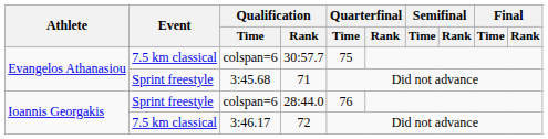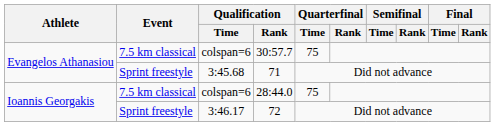 <table class="wikitable" style="font-size:90%">
 <tr>
 <th rowspan="2">Athlete</th>
 <th rowspan="2">Event</th>
 <th colspan="2">Qualification</th>
 <th colspan="2">Quarterfinal</th>
 <th colspan="2">Semifinal</th>
 <th colspan="2">Final</th>
 </tr>
 <tr style="font-size:95%">
 <th>Time</th>
 <th>Rank</th>
 <th>Time</th>
 <th>Rank</th>
 <th>Time</th>
 <th>Rank</th>
 <th>Time</th>
 <th>Rank</th>
 </tr>
 <tr align=center>
 <td align=left rowspan=2><a href='#'>Evangelos Athanasiou</a></td>
 <td align=left><a href='#'>7.5 km classical</a></td>
 <td>colspan=6</td>
 <td>30:57.7</td>
 <td>75</td>
 </tr>
 <tr align=center>
 <td align=left><a href='#'>Sprint freestyle</a></td>
 <td>3:45.68</td>
 <td>71</td>
 <td colspan=6>Did not advance</td>
 </tr>
 <tr align=center>
 <td align=left rowspan=2><a href='#'>Ioannis Georgakis</a></td>
-<td align=left><a href='#'>Sprint freestyle</a></td>
+<td align=left><a href='#'>7.5 km classical</a></td>
 <td>colspan=6</td>
 <td>28:44.0</td>
-<td>76</td>
+<td>75</td>
 </tr>
 <tr align=center>
-<td align=left><a href='#'>7.5 km classical</a></td>
+<td align=left><a href='#'>Sprint freestyle</a></td>
 <td>3:46.17</td>
 <td>72</td>
 <td colspan=6>Did not advance</td>
 </tr>
 </table>
